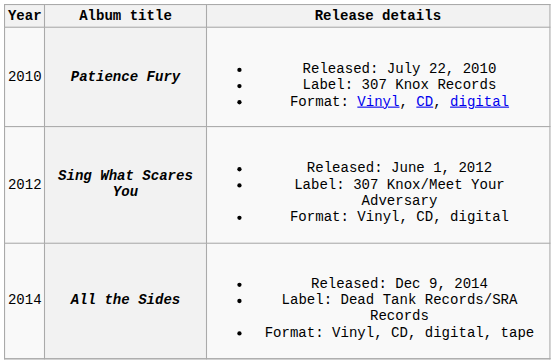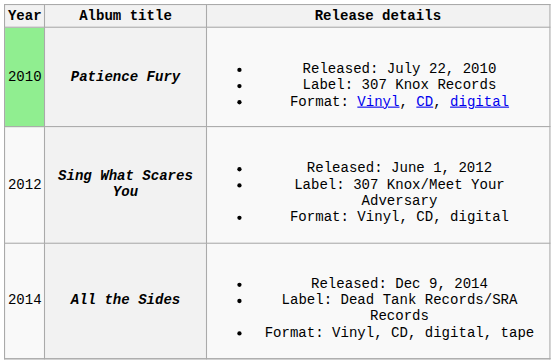 <table class="wikitable plainrowheaders" style="text-align:center;">
 <tr>
 <th>Year</th>
 <th scope="col" rowspan="1" style="width:11em;">Album title</th>
 <th scope="col" rowspan="1" style="width:24em;">Release details</th>
 </tr>
 <tr>
-<td>2010</td>
+<td style="background: lightgreen;">2010</td>
 <th scope="row" style="text-align:center;"><em>Patience Fury</em></th>
 <td><br><ul><li>Released: July 22, 2010</li><li>Label: 307 Knox Records</li><li>Format: <a href='#'>Vinyl</a>, <a href='#'>CD</a>, <a href='#'>digital</a></li></ul></td>
 </tr>
 <tr>
 <td>2012</td>
 <th scope="row" style="text-align:center;"><em>Sing What Scares You</em></th>
 <td><br><ul><li>Released: June 1, 2012</li><li>Label: 307 Knox/Meet Your Adversary</li><li>Format: Vinyl, CD, digital</li></ul></td>
 </tr>
 <tr>
 <td>2014</td>
 <th scope="row" style="text-align:center;"><em>All the Sides</em></th>
 <td><br><ul><li>Released: Dec 9, 2014</li><li>Label: Dead Tank Records/SRA Records</li><li>Format: Vinyl, CD, digital, tape</li></ul></td>
 </tr>
 <tr>
 </tr>
 </table>
